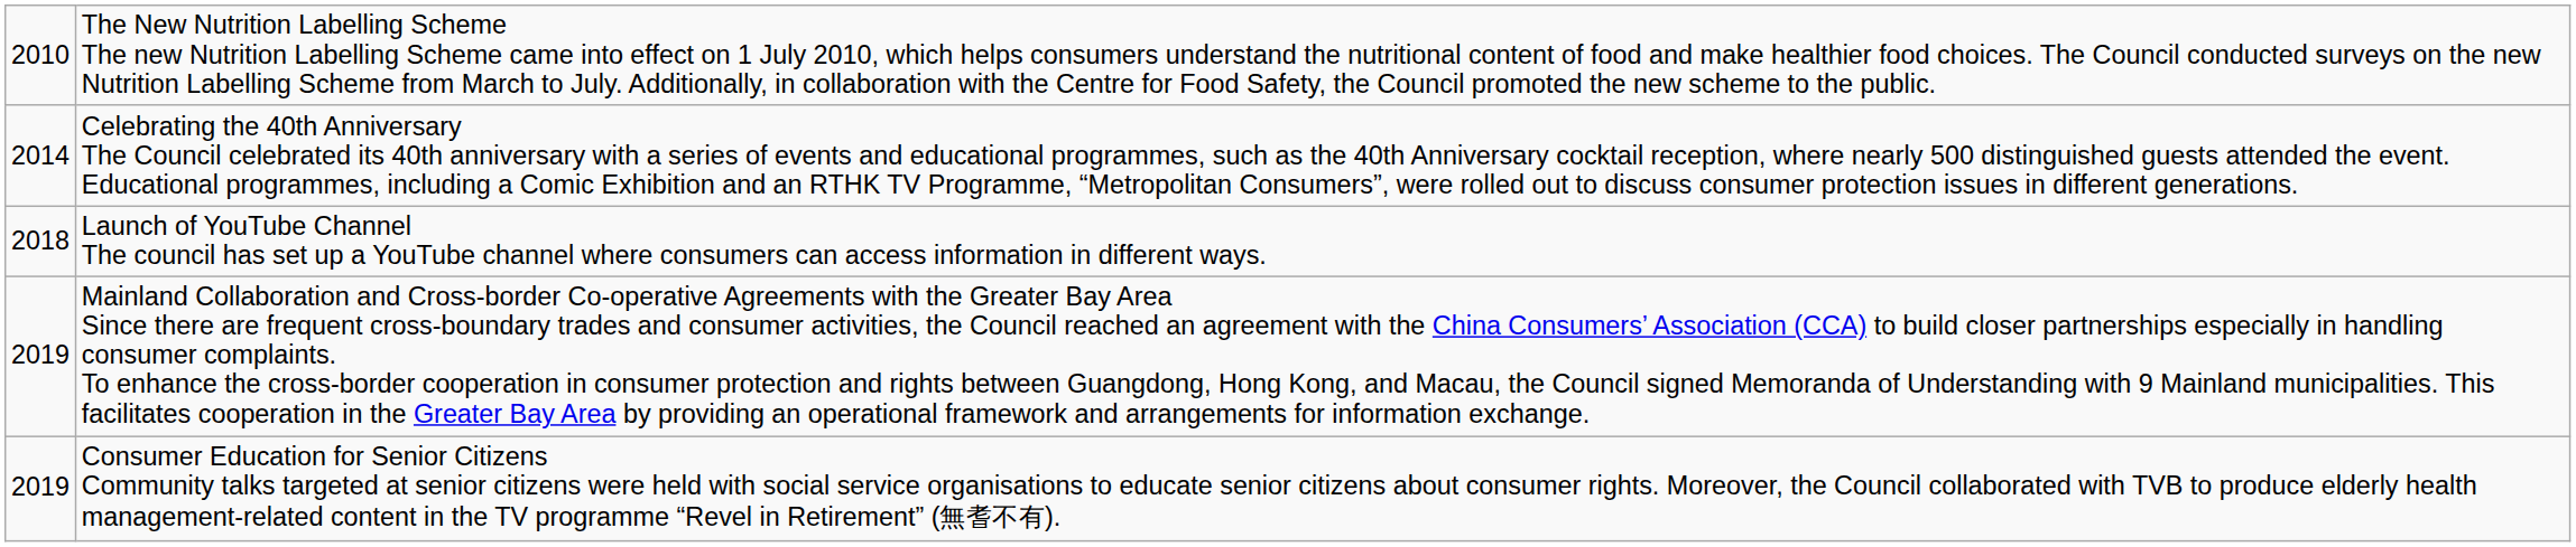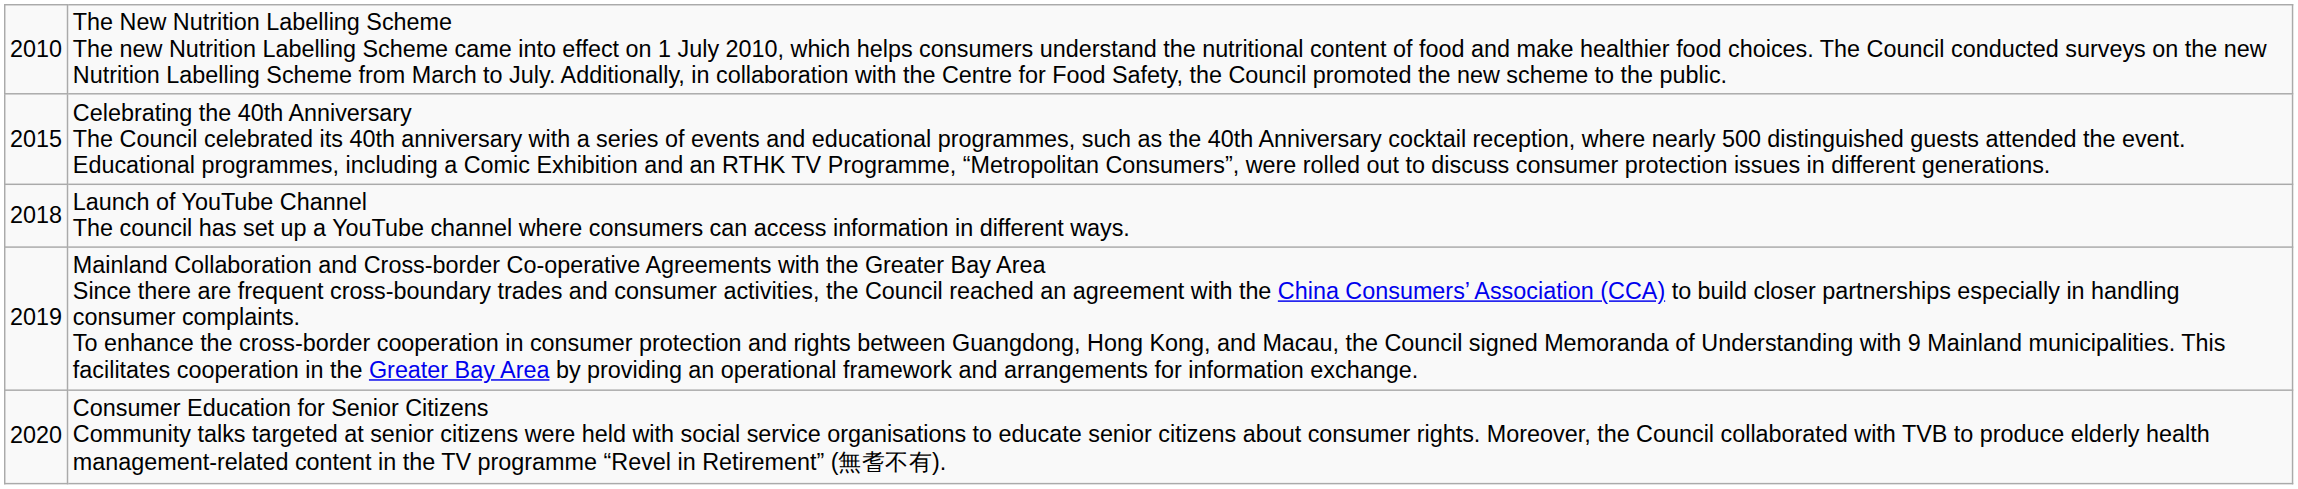 <table class="wikitable">
 <tr>
 <td>2010</td>
 <td>The New Nutrition Labelling Scheme<br>The new Nutrition Labelling Scheme came into effect on 1 July 2010, which helps consumers understand the nutritional content of food and make healthier food choices. The Council conducted surveys on the new Nutrition Labelling Scheme from March to July. Additionally, in collaboration with the Centre for Food Safety, the Council promoted the new scheme to the public.</td>
 </tr>
 <tr>
-<td>2014</td>
+<td>2015</td>
 <td>Celebrating the 40th Anniversary<br>The Council celebrated its 40th anniversary with a series of events and educational programmes, such as the 40th Anniversary cocktail reception, where nearly 500 distinguished guests attended the event. Educational programmes, including a Comic Exhibition and an RTHK TV Programme, “Metropolitan Consumers”, were rolled out to discuss consumer protection issues in different generations.</td>
 </tr>
 <tr>
 <td>2018</td>
 <td>Launch of YouTube Channel<br>The council has set up a YouTube channel where consumers can access information in different ways.</td>
 </tr>
 <tr>
 <td>2019</td>
 <td>Mainland Collaboration and Cross-border Co-operative Agreements with the Greater Bay Area<br>Since there are frequent cross-boundary trades and consumer activities, the Council reached an agreement with the <a href='#'>China Consumers’ Association (CCA)</a> to build closer partnerships especially in handling consumer complaints.<br>To enhance the cross-border cooperation in consumer protection and rights between Guangdong, Hong Kong, and Macau, the Council signed Memoranda of Understanding with 9 Mainland municipalities. This facilitates cooperation in the <a href='#'>Greater Bay Area</a> by providing an operational framework and arrangements for information exchange.</td>
 </tr>
 <tr>
-<td>2019</td>
+<td>2020</td>
 <td>Consumer Education for Senior Citizens<br>Community talks targeted at senior citizens were held with social service organisations to educate senior citizens about consumer rights. Moreover, the Council collaborated with TVB to produce elderly health management-related content in the TV programme “Revel in Retirement” (無耆不有).</td>
 </tr>
 </table>
